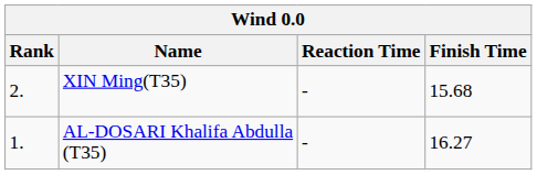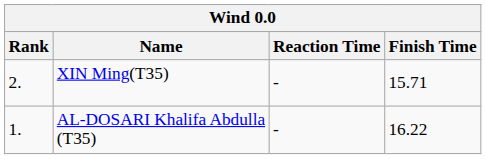 <table class="wikitable">
 <tr>
 <th colspan="4">Wind 0.0</th>
 </tr>
 <tr>
 <th>Rank</th>
 <th>Name</th>
 <th>Reaction Time</th>
 <th>Finish Time</th>
 </tr>
 <tr>
 <td>2.</td>
 <td><a href='#'>XIN Ming</a>(T35)<br><br></td>
 <td>-</td>
-<td>15.68</td>
+<td>15.71</td>
 </tr>
 <tr>
 <td>1.</td>
 <td><a href='#'>AL-DOSARI Khalifa Abdulla</a><br>(T35) <br> </td>
 <td>-</td>
-<td>16.27</td>
+<td>16.22</td>
 </tr>
 </table>
